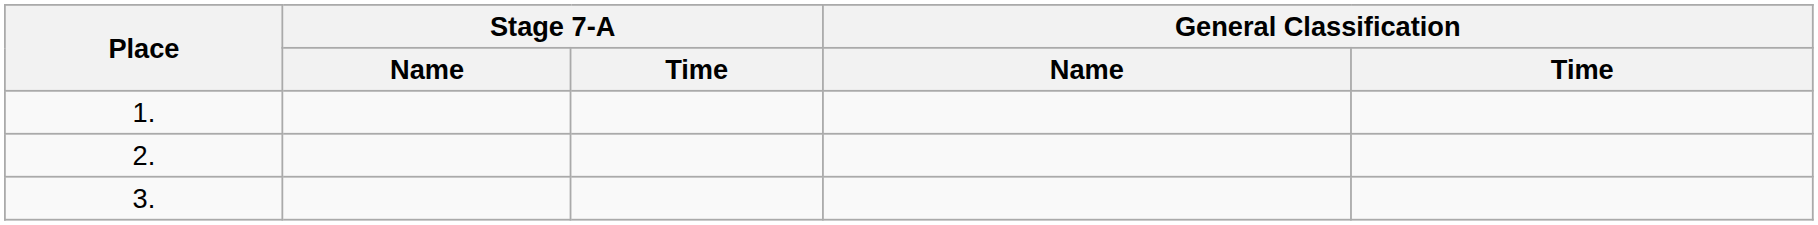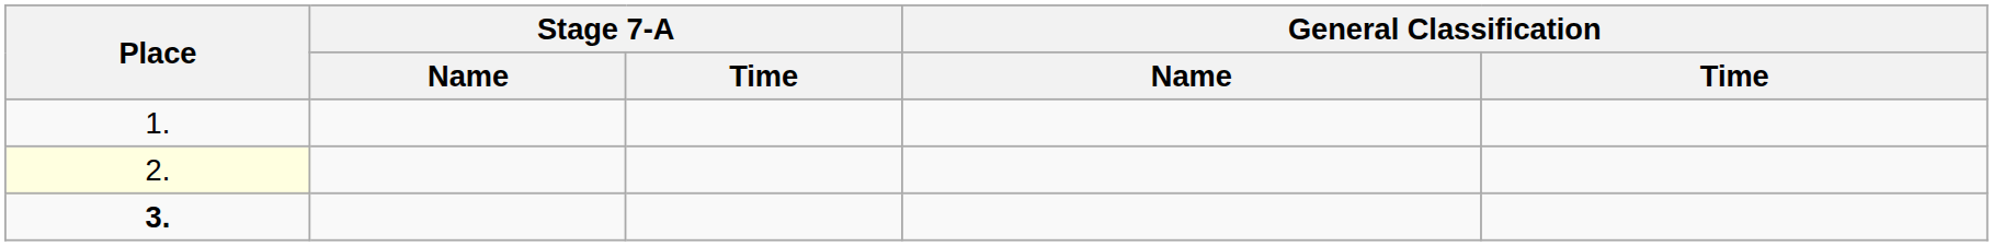 <table class=wikitable style="font-size:95%" width="80%">
 <tr>
 <th rowspan="2">Place</th>
 <th colspan="2">Stage 7-A</th>
 <th colspan="2">General Classification</th>
 </tr>
 <tr>
 <th>Name</th>
 <th>Time</th>
 <th>Name</th>
 <th>Time</th>
 </tr>
 <tr>
 <td align="center">1.</td>
 <td></td>
 <td></td>
 <td></td>
 <td></td>
 </tr>
 <tr>
-<td align="center">2.</td>
+<td align="center" style="background: lightyellow;">2.</td>
 <td></td>
 <td></td>
 <td></td>
 <td></td>
 </tr>
 <tr>
-<td align="center">3.</td>
+<td align="center"><strong>3.</strong></td>
 <td></td>
 <td></td>
 <td></td>
 <td></td>
 </tr>
 </table>
